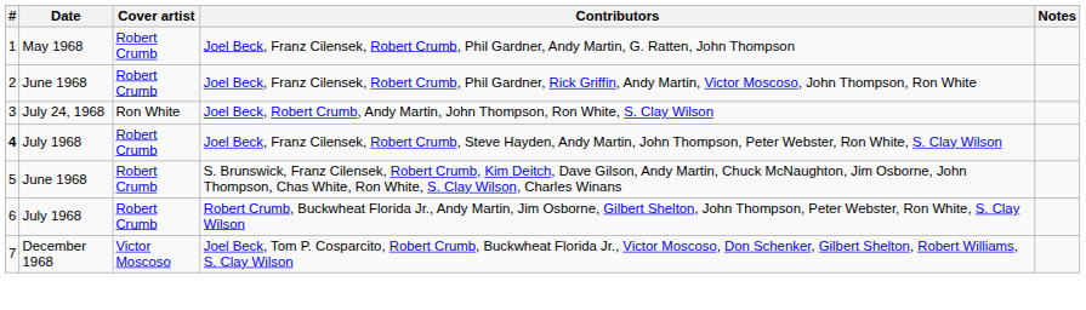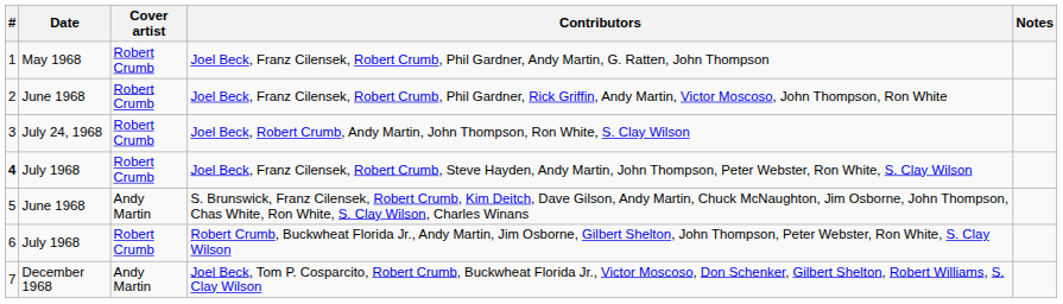 <table class="wikitable">
 <tr>
 <th>#</th>
 <th>Date</th>
 <th>Cover artist</th>
 <th>Contributors</th>
 <th>Notes</th>
 </tr>
 <tr>
 <td>1</td>
 <td>May 1968</td>
 <td><a href='#'>Robert Crumb</a></td>
 <td><a href='#'>Joel Beck</a>, Franz Cilensek, <a href='#'>Robert Crumb</a>, Phil Gardner, Andy Martin, G. Ratten, John Thompson</td>
 <td></td>
 </tr>
 <tr>
 <td>2</td>
 <td>June 1968</td>
 <td><a href='#'>Robert Crumb</a></td>
 <td><a href='#'>Joel Beck</a>, Franz Cilensek, <a href='#'>Robert Crumb</a>, Phil Gardner, <a href='#'>Rick Griffin</a>, Andy Martin, <a href='#'>Victor Moscoso</a>, John Thompson, Ron White</td>
 <td></td>
 </tr>
 <tr>
 <td>3</td>
 <td>July 24, 1968</td>
-<td>Ron White</td>
+<td><a href='#'>Robert Crumb</a></td>
 <td><a href='#'>Joel Beck</a>, <a href='#'>Robert Crumb</a>, Andy Martin, John Thompson, Ron White, <a href='#'>S. Clay Wilson</a></td>
 <td></td>
 </tr>
 <tr>
 <td><strong>4</strong></td>
 <td>July 1968</td>
 <td><a href='#'>Robert Crumb</a></td>
 <td><a href='#'>Joel Beck</a>, Franz Cilensek, <a href='#'>Robert Crumb</a>, Steve Hayden, Andy Martin, John Thompson, Peter Webster, Ron White, <a href='#'>S. Clay Wilson</a></td>
 <td></td>
 </tr>
 <tr>
 <td>5</td>
 <td>June 1968</td>
-<td><a href='#'>Robert Crumb</a></td>
+<td>Andy Martin</td>
 <td>S. Brunswick, Franz Cilensek, <a href='#'>Robert Crumb</a>, <a href='#'>Kim Deitch</a>, Dave Gilson, Andy Martin, Chuck McNaughton, Jim Osborne, John Thompson, Chas White, Ron White, <a href='#'>S. Clay Wilson</a>, Charles Winans</td>
 <td></td>
 </tr>
 <tr>
 <td>6</td>
 <td>July 1968</td>
 <td><a href='#'>Robert Crumb</a></td>
 <td><a href='#'>Robert Crumb</a>, Buckwheat Florida Jr., Andy Martin, Jim Osborne, <a href='#'>Gilbert Shelton</a>, John Thompson, Peter Webster, Ron White, <a href='#'>S. Clay Wilson</a></td>
 <td></td>
 </tr>
 <tr>
 <td>7</td>
 <td>December 1968</td>
-<td><a href='#'>Victor Moscoso</a></td>
+<td>Andy Martin</td>
 <td><a href='#'>Joel Beck</a>, Tom P. Cosparcito, <a href='#'>Robert Crumb</a>, Buckwheat Florida Jr., <a href='#'>Victor Moscoso</a>, <a href='#'>Don Schenker</a>, <a href='#'>Gilbert Shelton</a>, <a href='#'>Robert Williams</a>, <a href='#'>S. Clay Wilson</a></td>
 <td></td>
 </tr>
 </table>
